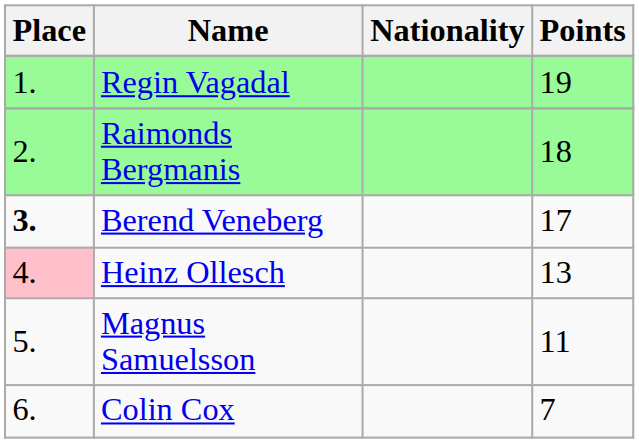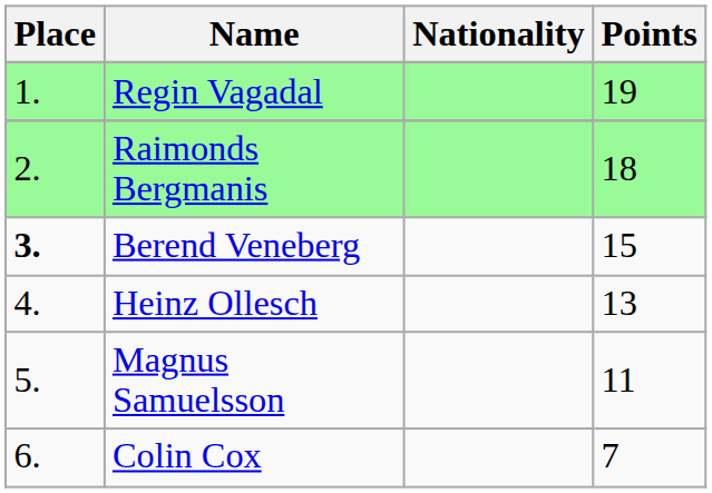 <table class="wikitable" style="display: inline-table; width: 50%;">
 <tr>
 <th>Place</th>
 <th>Name</th>
 <th>Nationality</th>
 <th>Points</th>
 </tr>
 <tr>
 </tr>
 <tr style="background:palegreen">
 <td>1.</td>
 <td><a href='#'>Regin Vagadal</a></td>
 <td></td>
 <td>19</td>
 </tr>
 <tr>
 </tr>
 <tr style="background:palegreen">
 <td>2.</td>
 <td><a href='#'>Raimonds Bergmanis</a></td>
 <td></td>
 <td>18</td>
 </tr>
 <tr>
 <td><strong>3.</strong></td>
 <td><a href='#'>Berend Veneberg</a></td>
 <td></td>
-<td>17</td>
+<td>15</td>
 </tr>
 <tr>
-<td style="background: pink;">4.</td>
+<td>4.</td>
 <td><a href='#'>Heinz Ollesch</a></td>
 <td></td>
 <td>13</td>
 </tr>
 <tr>
 <td>5.</td>
 <td><a href='#'>Magnus Samuelsson</a></td>
 <td></td>
 <td>11</td>
 </tr>
 <tr>
 <td>6.</td>
 <td><a href='#'>Colin Cox</a></td>
 <td></td>
 <td>7</td>
 </tr>
 </table>
